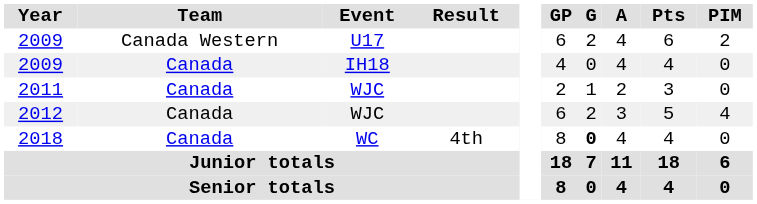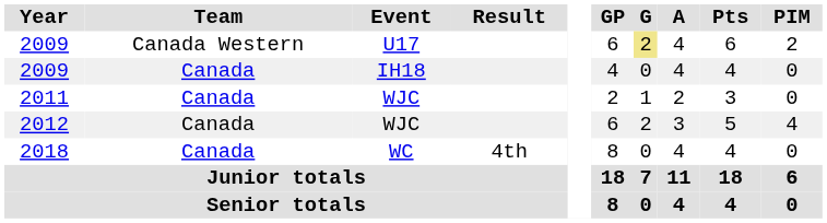 <table border="0" cellpadding="1" cellspacing="0" style="text-align:center; width:40em">
 <tr ALIGN="center" bgcolor="#e0e0e0">
 <th>Year</th>
 <th>Team</th>
 <th>Event</th>
 <th>Result</th>
 <th rowspan="99" bgcolor="#ffffff"> </th>
 <th>GP</th>
 <th>G</th>
 <th>A</th>
 <th>Pts</th>
 <th>PIM</th>
 </tr>
 <tr>
 <td><a href='#'>2009</a></td>
 <td>Canada Western</td>
 <td><a href='#'>U17</a></td>
 <td></td>
 <td>6</td>
-<td>2</td>
+<td style="background: khaki;">2</td>
 <td>4</td>
 <td>6</td>
 <td>2</td>
 </tr>
 <tr style="background:#f0f0f0;">
 <td><a href='#'>2009</a></td>
 <td><a href='#'>Canada</a></td>
 <td><a href='#'>IH18</a></td>
 <td></td>
 <td>4</td>
 <td>0</td>
 <td>4</td>
 <td>4</td>
 <td>0</td>
 </tr>
 <tr>
 <td><a href='#'>2011</a></td>
 <td><a href='#'>Canada</a></td>
 <td><a href='#'>WJC</a></td>
 <td></td>
 <td>2</td>
 <td>1</td>
 <td>2</td>
 <td>3</td>
 <td>0</td>
 </tr>
 <tr style="background:#f0f0f0;">
 <td><a href='#'>2012</a></td>
 <td>Canada</td>
 <td>WJC</td>
 <td></td>
 <td>6</td>
 <td>2</td>
 <td>3</td>
 <td>5</td>
 <td>4</td>
 </tr>
 <tr>
 <td><a href='#'>2018</a></td>
 <td><a href='#'>Canada</a></td>
 <td><a href='#'>WC</a></td>
 <td>4th</td>
 <td>8</td>
-<td><strong>0</strong></td>
+<td>0</td>
 <td>4</td>
 <td>4</td>
 <td>0</td>
 </tr>
 <tr bgcolor="#e0e0e0">
 <th colspan=4>Junior totals</th>
 <th>18</th>
 <th>7</th>
 <th>11</th>
 <th>18</th>
 <th>6</th>
 </tr>
 <tr bgcolor="#e0e0e0">
 <th colspan=4>Senior totals</th>
 <th>8</th>
 <th>0</th>
 <th>4</th>
 <th>4</th>
 <th>0</th>
 </tr>
 </table>
